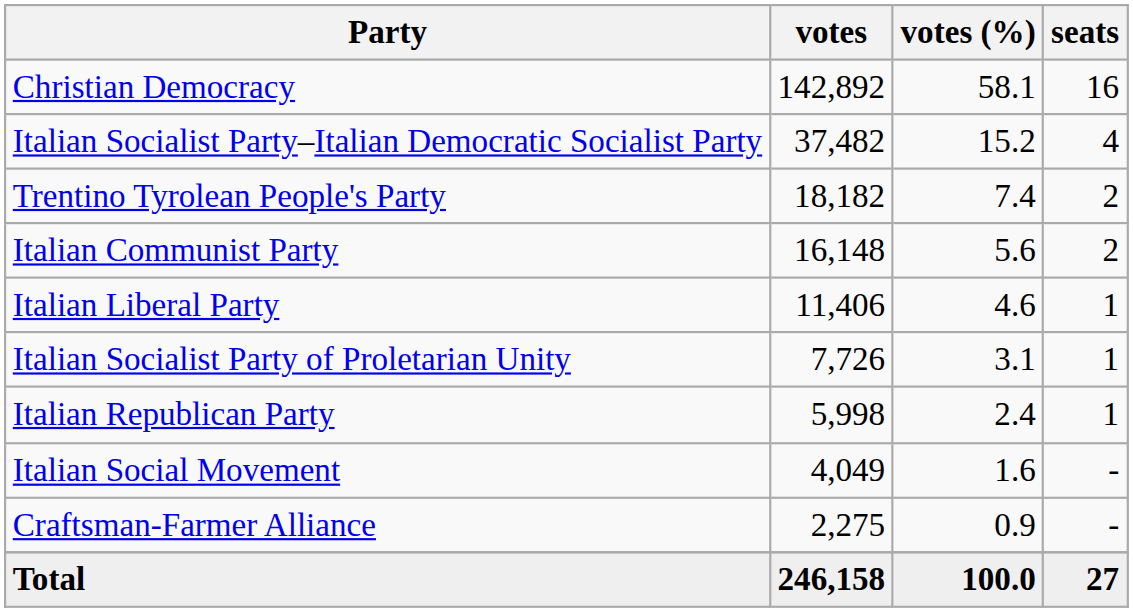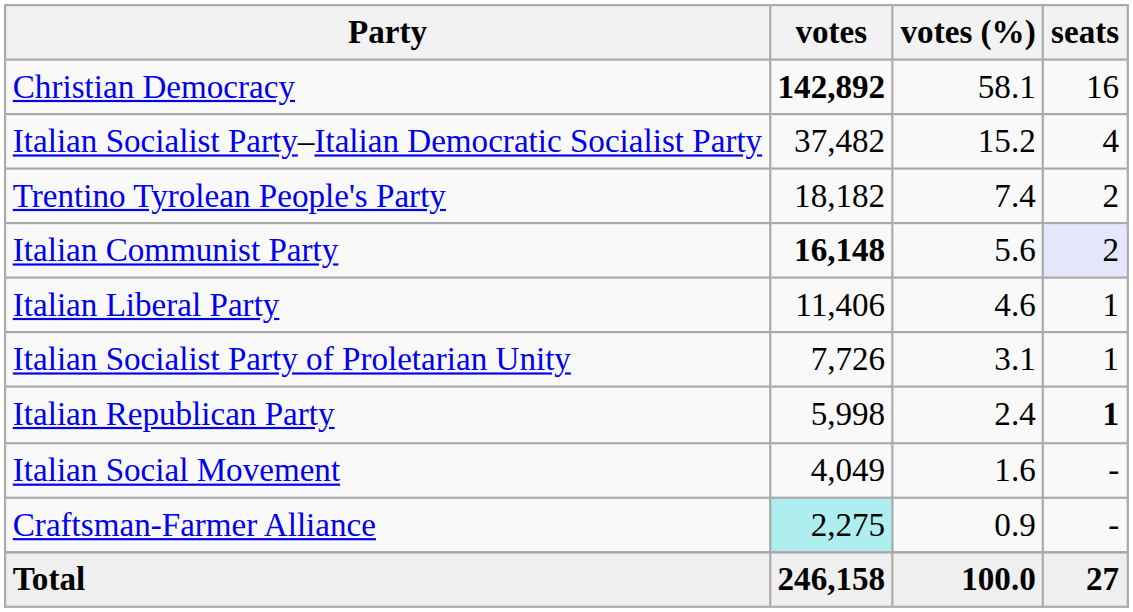 <table class="wikitable" style="font-size:95%; text-align:right;">
 <tr>
 <th>Party</th>
 <th>votes</th>
 <th>votes (%)</th>
 <th>seats</th>
 </tr>
 <tr>
 <td align=left><a href='#'>Christian Democracy</a></td>
-<td>142,892</td>
+<td><strong>142,892</strong></td>
 <td>58.1</td>
 <td>16</td>
 </tr>
 <tr>
 <td align=left><a href='#'>Italian Socialist Party</a>–<a href='#'>Italian Democratic Socialist Party</a></td>
 <td>37,482</td>
 <td>15.2</td>
 <td>4</td>
 </tr>
 <tr>
 <td align=left><a href='#'>Trentino Tyrolean People's Party</a></td>
 <td>18,182</td>
 <td>7.4</td>
 <td>2</td>
 </tr>
 <tr>
 <td align=left><a href='#'>Italian Communist Party</a></td>
-<td>16,148</td>
+<td><strong>16,148</strong></td>
 <td>5.6</td>
-<td>2</td>
+<td style="background: lavender;">2</td>
 </tr>
 <tr>
 <td align=left><a href='#'>Italian Liberal Party</a></td>
 <td>11,406</td>
 <td>4.6</td>
 <td>1</td>
 </tr>
 <tr>
 <td align=left><a href='#'>Italian Socialist Party of Proletarian Unity</a></td>
 <td>7,726</td>
 <td>3.1</td>
 <td>1</td>
 </tr>
 <tr>
 <td align=left><a href='#'>Italian Republican Party</a></td>
 <td>5,998</td>
 <td>2.4</td>
-<td>1</td>
+<td><strong>1</strong></td>
 </tr>
 <tr>
 <td align=left><a href='#'>Italian Social Movement</a></td>
 <td>4,049</td>
 <td>1.6</td>
 <td>-</td>
 </tr>
 <tr>
 <td align=left><a href='#'>Craftsman-Farmer Alliance</a></td>
-<td>2,275</td>
+<td style="background: paleturquoise;">2,275</td>
 <td>0.9</td>
 <td>-</td>
 </tr>
 <tr>
 </tr>
 <tr bgcolor="EFEFEF">
 <td align=left><strong>Total</strong></td>
 <td><strong>246,158</strong></td>
 <td><strong>100.0</strong></td>
 <td><strong>27</strong></td>
 </tr>
 </table>
